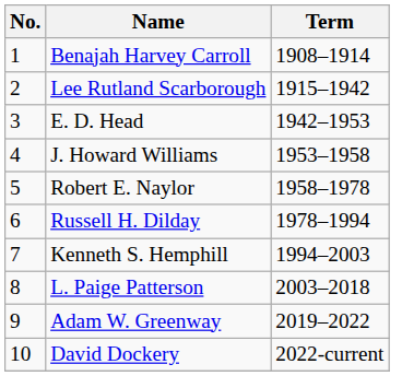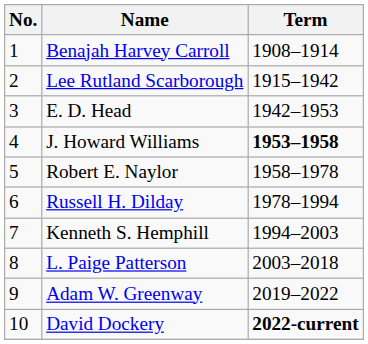 <table class="wikitable">
 <tr>
 <th>No.</th>
 <th>Name</th>
 <th>Term</th>
 </tr>
 <tr>
 <td>1</td>
 <td><a href='#'>Benajah Harvey Carroll</a></td>
 <td>1908–1914</td>
 </tr>
 <tr>
 <td>2</td>
 <td><a href='#'>Lee Rutland Scarborough</a></td>
 <td>1915–1942</td>
 </tr>
 <tr>
 <td>3</td>
 <td>E. D. Head</td>
 <td>1942–1953</td>
 </tr>
 <tr>
 <td>4</td>
 <td>J. Howard Williams</td>
-<td>1953–1958</td>
+<td><strong>1953–1958</strong></td>
 </tr>
 <tr>
 <td>5</td>
 <td>Robert E. Naylor</td>
 <td>1958–1978</td>
 </tr>
 <tr>
 <td>6</td>
 <td><a href='#'>Russell H. Dilday</a></td>
 <td>1978–1994</td>
 </tr>
 <tr>
 <td>7</td>
 <td>Kenneth S. Hemphill</td>
 <td>1994–2003</td>
 </tr>
 <tr>
 <td>8</td>
 <td><a href='#'>L. Paige Patterson</a></td>
 <td>2003–2018</td>
 </tr>
 <tr>
 <td>9</td>
 <td><a href='#'>Adam W. Greenway</a></td>
 <td>2019–2022</td>
 </tr>
 <tr>
 <td>10</td>
 <td><a href='#'>David Dockery</a></td>
-<td>2022-current</td>
+<td><strong>2022-current</strong></td>
 </tr>
 <tr>
 </tr>
 </table>
